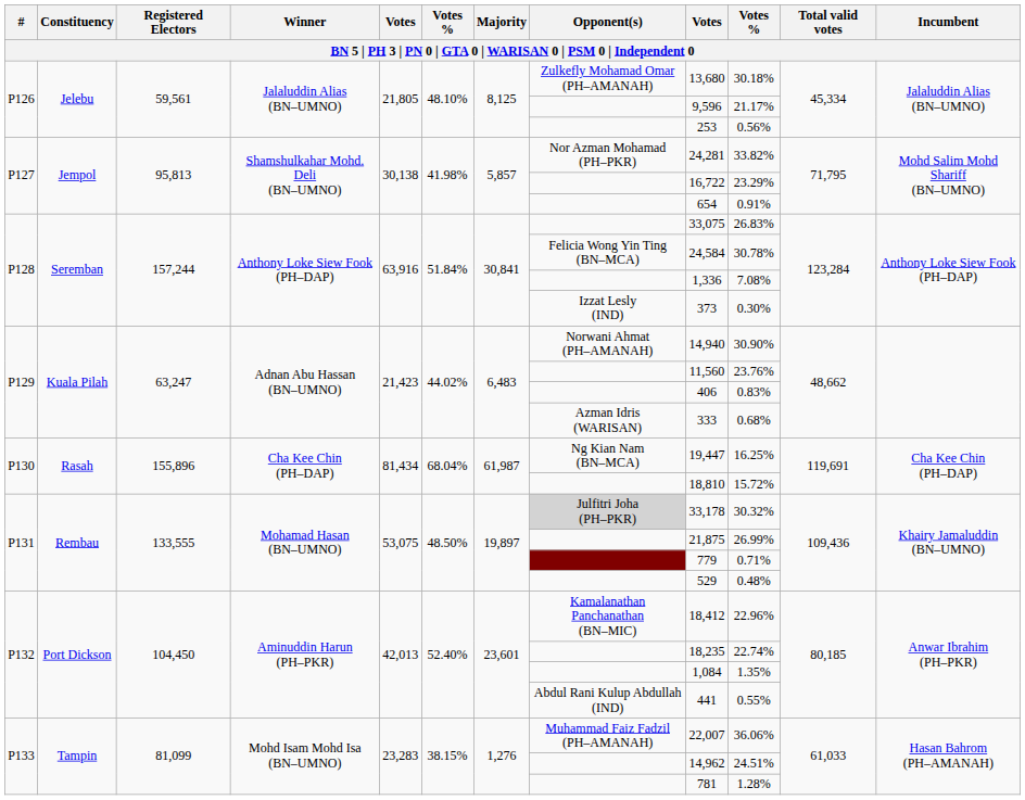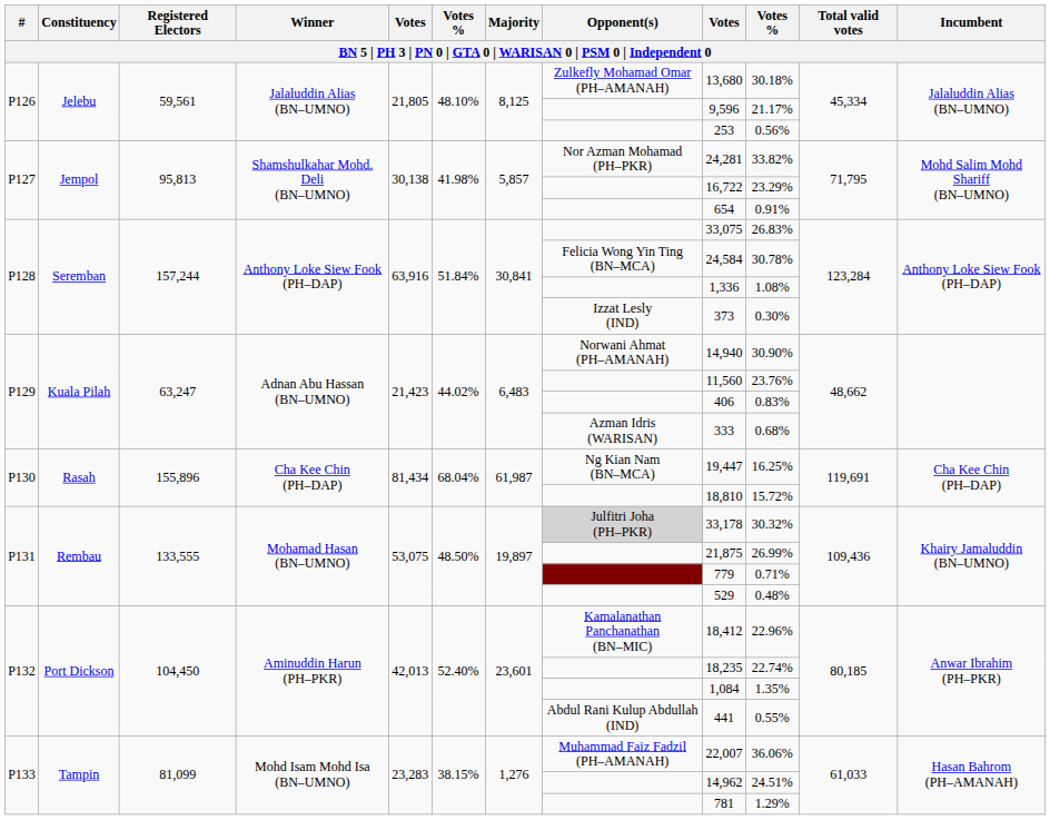 <table class="wikitable sortable" style">
 <tr>
 <th>#</th>
 <th>Constituency</th>
 <th>Registered Electors</th>
 <th>Winner</th>
 <th>Votes</th>
 <th>Votes %</th>
 <th>Majority</th>
 <th>Opponent(s)</th>
 <th>Votes</th>
 <th>Votes %</th>
 <th>Total valid votes</th>
 <th>Incumbent</th>
 </tr>
 <tr>
 <th colspan="13"><a href='#'>BN</a> <strong>5</strong>  | <a href='#'>PH</a> <strong>3</strong> | <a href='#'>PN</a> <strong>0</strong> | <a href='#'>GTA</a> <strong>0</strong>  | <a href='#'>WARISAN</a> <strong>0</strong> |  <a href='#'>PSM</a> <strong>0</strong>  | <a href='#'>Independent</a> <strong>0</strong></th>
 </tr>
 <tr align="center">
 <td rowspan=3>P126</td>
 <td rowspan=3><a href='#'>Jelebu</a></td>
 <td rowspan=3>59,561</td>
 <td rowspan=3><a href='#'>Jalaluddin Alias</a><br>(BN–UMNO)</td>
 <td rowspan=3>21,805</td>
 <td rowspan=3>48.10%</td>
 <td rowspan=3>8,125</td>
 <td><a href='#'>Zulkefly Mohamad Omar</a><br>(PH–AMANAH)</td>
 <td>13,680</td>
 <td>30.18%</td>
 <td rowspan=3>45,334</td>
 <td rowspan=3><a href='#'>Jalaluddin Alias</a><br>(BN–UMNO)</td>
 </tr>
 <tr align="center">
 <td></td>
 <td>9,596</td>
 <td>21.17%</td>
 </tr>
 <tr align="center">
 <td></td>
 <td>253</td>
 <td>0.56%</td>
 </tr>
 <tr align="center">
 <td rowspan=3>P127</td>
 <td rowspan=3><a href='#'>Jempol</a></td>
 <td rowspan=3>95,813</td>
 <td rowspan=3><a href='#'>Shamshulkahar Mohd. Deli</a><br>(BN–UMNO)</td>
 <td rowspan=3>30,138</td>
 <td rowspan=3>41.98%</td>
 <td rowspan=3>5,857</td>
 <td>Nor Azman Mohamad<br>(PH–PKR)</td>
 <td>24,281</td>
 <td>33.82%</td>
 <td rowspan=3>71,795</td>
 <td rowspan=3><a href='#'>Mohd Salim Mohd Shariff</a><br>(BN–UMNO)</td>
 </tr>
 <tr align="center">
 <td></td>
 <td>16,722</td>
 <td>23.29%</td>
 </tr>
 <tr align="center">
 <td></td>
 <td>654</td>
 <td>0.91%</td>
 </tr>
 <tr align="center">
 <td rowspan=4>P128</td>
 <td rowspan=4><a href='#'>Seremban</a></td>
 <td rowspan=4>157,244</td>
 <td rowspan=4><a href='#'>Anthony Loke Siew Fook</a><br>(PH–DAP)</td>
 <td rowspan=4>63,916</td>
 <td rowspan=4>51.84%</td>
 <td rowspan=4>30,841</td>
 <td></td>
 <td>33,075</td>
 <td>26.83%</td>
 <td rowspan=4>123,284</td>
 <td rowspan=4><a href='#'>Anthony Loke Siew Fook</a><br>(PH–DAP)</td>
 </tr>
 <tr align="center">
 <td>Felicia Wong Yin Ting<br>(BN–MCA)</td>
 <td>24,584</td>
 <td>30.78%</td>
 </tr>
 <tr align="center">
 <td></td>
 <td>1,336</td>
-<td>7.08%</td>
+<td>1.08%</td>
 </tr>
 <tr align="center">
 <td>Izzat Lesly<br>(IND)</td>
 <td>373</td>
 <td>0.30%</td>
 </tr>
 <tr align="center">
 <td rowspan=4>P129</td>
 <td rowspan=4><a href='#'>Kuala Pilah</a></td>
 <td rowspan=4>63,247</td>
 <td rowspan=4>Adnan Abu Hassan <br>(BN–UMNO)</td>
 <td rowspan=4>21,423</td>
 <td rowspan=4>44.02%</td>
 <td rowspan=4>6,483</td>
 <td>Norwani Ahmat<br>(PH–AMANAH)</td>
 <td>14,940</td>
 <td>30.90%</td>
 <td rowspan=4>48,662</td>
 <td rowspan=4><br></td>
 </tr>
 <tr align="center">
 <td><br></td>
 <td>11,560</td>
 <td>23.76%</td>
 </tr>
 <tr align="center">
 <td></td>
 <td>406</td>
 <td>0.83%</td>
 </tr>
 <tr align="center">
 <td>Azman Idris<br>(WARISAN)</td>
 <td>333</td>
 <td>0.68%</td>
 </tr>
 <tr align="center">
 <td rowspan=2>P130</td>
 <td rowspan=2><a href='#'>Rasah</a></td>
 <td rowspan=2>155,896</td>
 <td rowspan=2><a href='#'>Cha Kee Chin</a><br>(PH–DAP)</td>
 <td rowspan=2>81,434</td>
 <td rowspan=2>68.04%</td>
 <td rowspan=2>61,987</td>
 <td>Ng Kian Nam<br>(BN–MCA)</td>
 <td>19,447</td>
 <td>16.25%</td>
 <td rowspan=2>119,691</td>
 <td rowspan=2><a href='#'>Cha Kee Chin</a><br>(PH–DAP)</td>
 </tr>
 <tr align="center">
 <td></td>
 <td>18,810</td>
 <td>15.72%</td>
 </tr>
 <tr align="center">
 <td rowspan=4>P131</td>
 <td rowspan=4><a href='#'>Rembau</a></td>
 <td rowspan=4>133,555</td>
 <td rowspan=4><a href='#'>Mohamad Hasan</a><br>(BN–UMNO)</td>
 <td rowspan=4>53,075</td>
 <td rowspan=4>48.50%</td>
 <td rowspan=4>19,897</td>
 <td style="background: lightgrey;">Julfitri Joha<br>(PH–PKR)</td>
 <td>33,178</td>
 <td>30.32%</td>
 <td rowspan=4>109,436</td>
 <td rowspan=4><a href='#'>Khairy Jamaluddin</a><br>(BN–UMNO)</td>
 </tr>
 <tr align="center">
 <td></td>
 <td>21,875</td>
 <td>26.99%</td>
 </tr>
 <tr align="center">
 <td bgcolor="maroon"></td>
 <td>779</td>
 <td>0.71%</td>
 </tr>
 <tr align="center">
 <td></td>
 <td>529</td>
 <td>0.48%</td>
 </tr>
 <tr align="center">
 <td rowspan=4>P132</td>
 <td rowspan=4><a href='#'>Port Dickson</a></td>
 <td rowspan=4>104,450</td>
 <td rowspan=4><a href='#'>Aminuddin Harun</a><br>(PH–PKR)</td>
 <td rowspan=4>42,013</td>
 <td rowspan=4>52.40%</td>
 <td rowspan=4>23,601</td>
 <td><a href='#'>Kamalanathan Panchanathan</a><br>(BN–MIC)</td>
 <td>18,412</td>
 <td>22.96%</td>
 <td rowspan=4>80,185</td>
 <td rowspan=4><a href='#'>Anwar Ibrahim</a><br>(PH–PKR)</td>
 </tr>
 <tr align="center">
 <td></td>
 <td>18,235</td>
 <td>22.74%</td>
 </tr>
 <tr align="center">
 <td></td>
 <td>1,084</td>
 <td>1.35%</td>
 </tr>
 <tr align="center">
 <td>Abdul Rani Kulup Abdullah<br>(IND)</td>
 <td>441</td>
 <td>0.55%</td>
 </tr>
 <tr align="center">
 <td rowspan=3>P133</td>
 <td rowspan=3><a href='#'>Tampin</a></td>
 <td rowspan=3>81,099</td>
 <td rowspan=3>Mohd Isam Mohd Isa<br>(BN–UMNO)</td>
 <td rowspan=3>23,283</td>
 <td rowspan=3>38.15%</td>
 <td rowspan=3>1,276</td>
 <td><a href='#'>Muhammad Faiz Fadzil</a><br>(PH–AMANAH)</td>
 <td>22,007</td>
 <td>36.06%</td>
 <td rowspan=3>61,033</td>
 <td rowspan=3><a href='#'>Hasan Bahrom</a><br>(PH–AMANAH)</td>
 </tr>
 <tr align="center">
 <td></td>
 <td>14,962</td>
 <td>24.51%</td>
 </tr>
 <tr align="center">
 <td></td>
 <td>781</td>
-<td>1.28%</td>
+<td>1.29%</td>
 </tr>
 </table>
